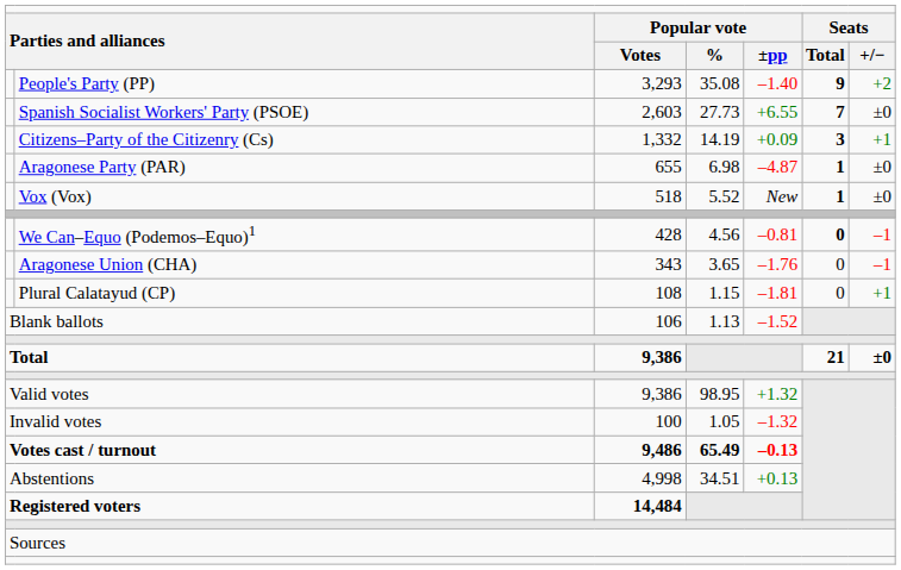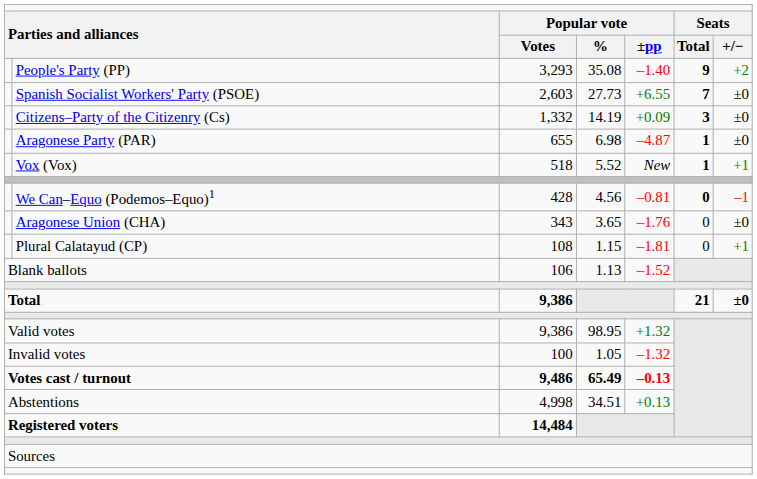 <table class="wikitable" style="text-align:right;">
 <tr>
 <td colspan="7"></td>
 </tr>
 <tr>
 <th style="text-align:left;" rowspan="2" colspan="2" width="525">Parties and alliances</th>
 <th colspan="3">Popular vote</th>
 <th colspan="2">Seats</th>
 </tr>
 <tr>
 <th width="75">Votes</th>
 <th width="45">%</th>
 <th width="45">±<a href='#'>pp</a></th>
 <th width="35">Total</th>
 <th width="35">+/−</th>
 </tr>
 <tr>
 <td width="1" style="color:inherit;background:"></td>
 <td align="left"><a href='#'>People's Party</a> (PP)</td>
 <td>3,293</td>
 <td>35.08</td>
 <td style="color:red;">–1.40</td>
 <td><strong>9</strong></td>
 <td style="color:green;">+2</td>
 </tr>
 <tr>
 <td style="color:inherit;background:"></td>
 <td align="left"><a href='#'>Spanish Socialist Workers' Party</a> (PSOE)</td>
 <td>2,603</td>
 <td>27.73</td>
 <td style="color:green;">+6.55</td>
 <td><strong>7</strong></td>
 <td>±0</td>
 </tr>
 <tr>
 <td style="color:inherit;background:"></td>
 <td align="left"><a href='#'>Citizens–Party of the Citizenry</a> (Cs)</td>
 <td>1,332</td>
 <td>14.19</td>
 <td style="color:green;">+0.09</td>
 <td><strong>3</strong></td>
-<td style="color:green;">+1</td>
+<td>±0</td>
 </tr>
 <tr>
 <td style="color:inherit;background:"></td>
 <td align="left"><a href='#'>Aragonese Party</a> (PAR)</td>
 <td>655</td>
 <td>6.98</td>
 <td style="color:red;">–4.87</td>
 <td><strong>1</strong></td>
 <td>±0</td>
 </tr>
 <tr>
 <td style="color:inherit;background:"></td>
 <td align="left"><a href='#'>Vox</a> (Vox)</td>
 <td>518</td>
 <td>5.52</td>
 <td><em>New</em></td>
 <td><strong>1</strong></td>
-<td>±0</td>
+<td style="color:green;">+1</td>
 </tr>
 <tr>
 <td colspan="7" bgcolor="#C0C0C0"></td>
 </tr>
 <tr>
 <td style="color:inherit;background:"></td>
 <td align="left"><a href='#'>We Can</a>–<a href='#'>Equo</a> (Podemos–Equo)<sup>1</sup></td>
 <td>428</td>
 <td>4.56</td>
 <td style="color:red;">–0.81</td>
 <td><strong>0</strong></td>
 <td style="color:red;">–1</td>
 </tr>
 <tr>
 <td style="color:inherit;background:"></td>
 <td align="left"><a href='#'>Aragonese Union</a> (CHA)</td>
 <td>343</td>
 <td>3.65</td>
 <td style="color:red;">–1.76</td>
 <td>0</td>
-<td style="color:red;">–1</td>
+<td>±0</td>
 </tr>
 <tr>
 <td style="color:inherit;background:"></td>
 <td align="left">Plural Calatayud (CP)</td>
 <td>108</td>
 <td>1.15</td>
 <td style="color:red;">–1.81</td>
 <td>0</td>
 <td style="color:green;">+1</td>
 </tr>
 <tr>
 <td align="left" colspan="2">Blank ballots</td>
 <td>106</td>
 <td>1.13</td>
 <td style="color:red;">–1.52</td>
 <td bgcolor="#E9E9E9" colspan="2"></td>
 </tr>
 <tr>
 <td colspan="7" bgcolor="#E9E9E9"></td>
 </tr>
 <tr style="font-weight:bold;">
 <td align="left" colspan="2">Total</td>
 <td>9,386</td>
 <td bgcolor="#E9E9E9" colspan="2"></td>
 <td>21</td>
 <td>±0</td>
 </tr>
 <tr>
 <td colspan="7" bgcolor="#E9E9E9"></td>
 </tr>
 <tr>
 <td align="left" colspan="2">Valid votes</td>
 <td>9,386</td>
 <td>98.95</td>
 <td style="color:green;">+1.32</td>
 <td bgcolor="#E9E9E9" colspan="2" rowspan="5"></td>
 </tr>
 <tr>
 <td align="left" colspan="2">Invalid votes</td>
 <td>100</td>
 <td>1.05</td>
 <td style="color:red;">–1.32</td>
 </tr>
 <tr style="font-weight:bold;">
 <td align="left" colspan="2">Votes cast / turnout</td>
 <td>9,486</td>
 <td>65.49</td>
 <td style="color:red;">–0.13</td>
 </tr>
 <tr>
 <td align="left" colspan="2">Abstentions</td>
 <td>4,998</td>
 <td>34.51</td>
 <td style="color:green;">+0.13</td>
 </tr>
 <tr style="font-weight:bold;">
 <td align="left" colspan="2">Registered voters</td>
 <td>14,484</td>
 <td bgcolor="#E9E9E9" colspan="2"></td>
 </tr>
 <tr>
 <td colspan="7" bgcolor="#E9E9E9"></td>
 </tr>
 <tr>
 <td align="left" colspan="7">Sources</td>
 </tr>
 <tr>
 <td colspan="7" style="text-align:left; max-width:790px;"></td>
 </tr>
 </table>
